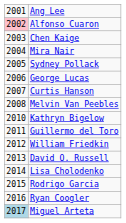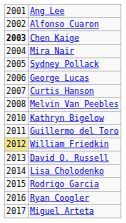 <table class="wikitable">
 <tr>
 <td>2001</td>
 <td><a href='#'>Ang Lee</a></td>
 </tr>
 <tr>
-<td style="background: pink;">2002</td>
+<td>2002</td>
 <td><a href='#'>Alfonso Cuaron</a></td>
 </tr>
 <tr>
-<td>2003</td>
+<td><strong>2003</strong></td>
 <td><a href='#'>Chen Kaige</a></td>
 </tr>
 <tr>
 <td>2004</td>
 <td><a href='#'>Mira Nair</a></td>
 </tr>
 <tr>
 <td>2005</td>
 <td><a href='#'>Sydney Pollack</a></td>
 </tr>
 <tr>
 <td>2006</td>
 <td><a href='#'>George Lucas</a></td>
 </tr>
 <tr>
 <td>2007</td>
 <td><a href='#'>Curtis Hanson</a></td>
 </tr>
 <tr>
 <td>2008</td>
 <td><a href='#'>Melvin Van Peebles</a></td>
 </tr>
 <tr>
 <td>2010</td>
 <td><a href='#'>Kathryn Bigelow</a></td>
 </tr>
 <tr>
 <td>2011</td>
 <td><a href='#'>Guillermo del Toro</a></td>
 </tr>
 <tr>
-<td>2012</td>
+<td style="background: khaki;">2012</td>
 <td><a href='#'>William Friedkin</a></td>
 </tr>
 <tr>
 <td>2013</td>
 <td><a href='#'>David O. Russell</a></td>
 </tr>
 <tr>
 <td>2014</td>
 <td><a href='#'>Lisa Cholodenko</a></td>
 </tr>
 <tr>
 <td>2015</td>
 <td><a href='#'>Rodrigo Garcia</a></td>
 </tr>
 <tr>
 <td>2016</td>
 <td><a href='#'>Ryan Coogler</a></td>
 </tr>
 <tr>
-<td style="background: lightblue;">2017</td>
+<td>2017</td>
 <td><a href='#'>Miguel Arteta</a></td>
 </tr>
 </table>
